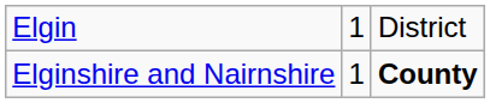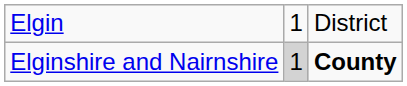 <table class="wikitable sortable">
 <tr>
 <td><a href='#'>Elgin</a></td>
 <td align="center">1</td>
 <td>District</td>
 </tr>
 <tr>
 <td><a href='#'>Elginshire and Nairnshire</a></td>
-<td align="center">1</td>
+<td align="center" style="background: lightgrey;">1</td>
 <td><strong>County</strong></td>
 </tr>
 </table>
